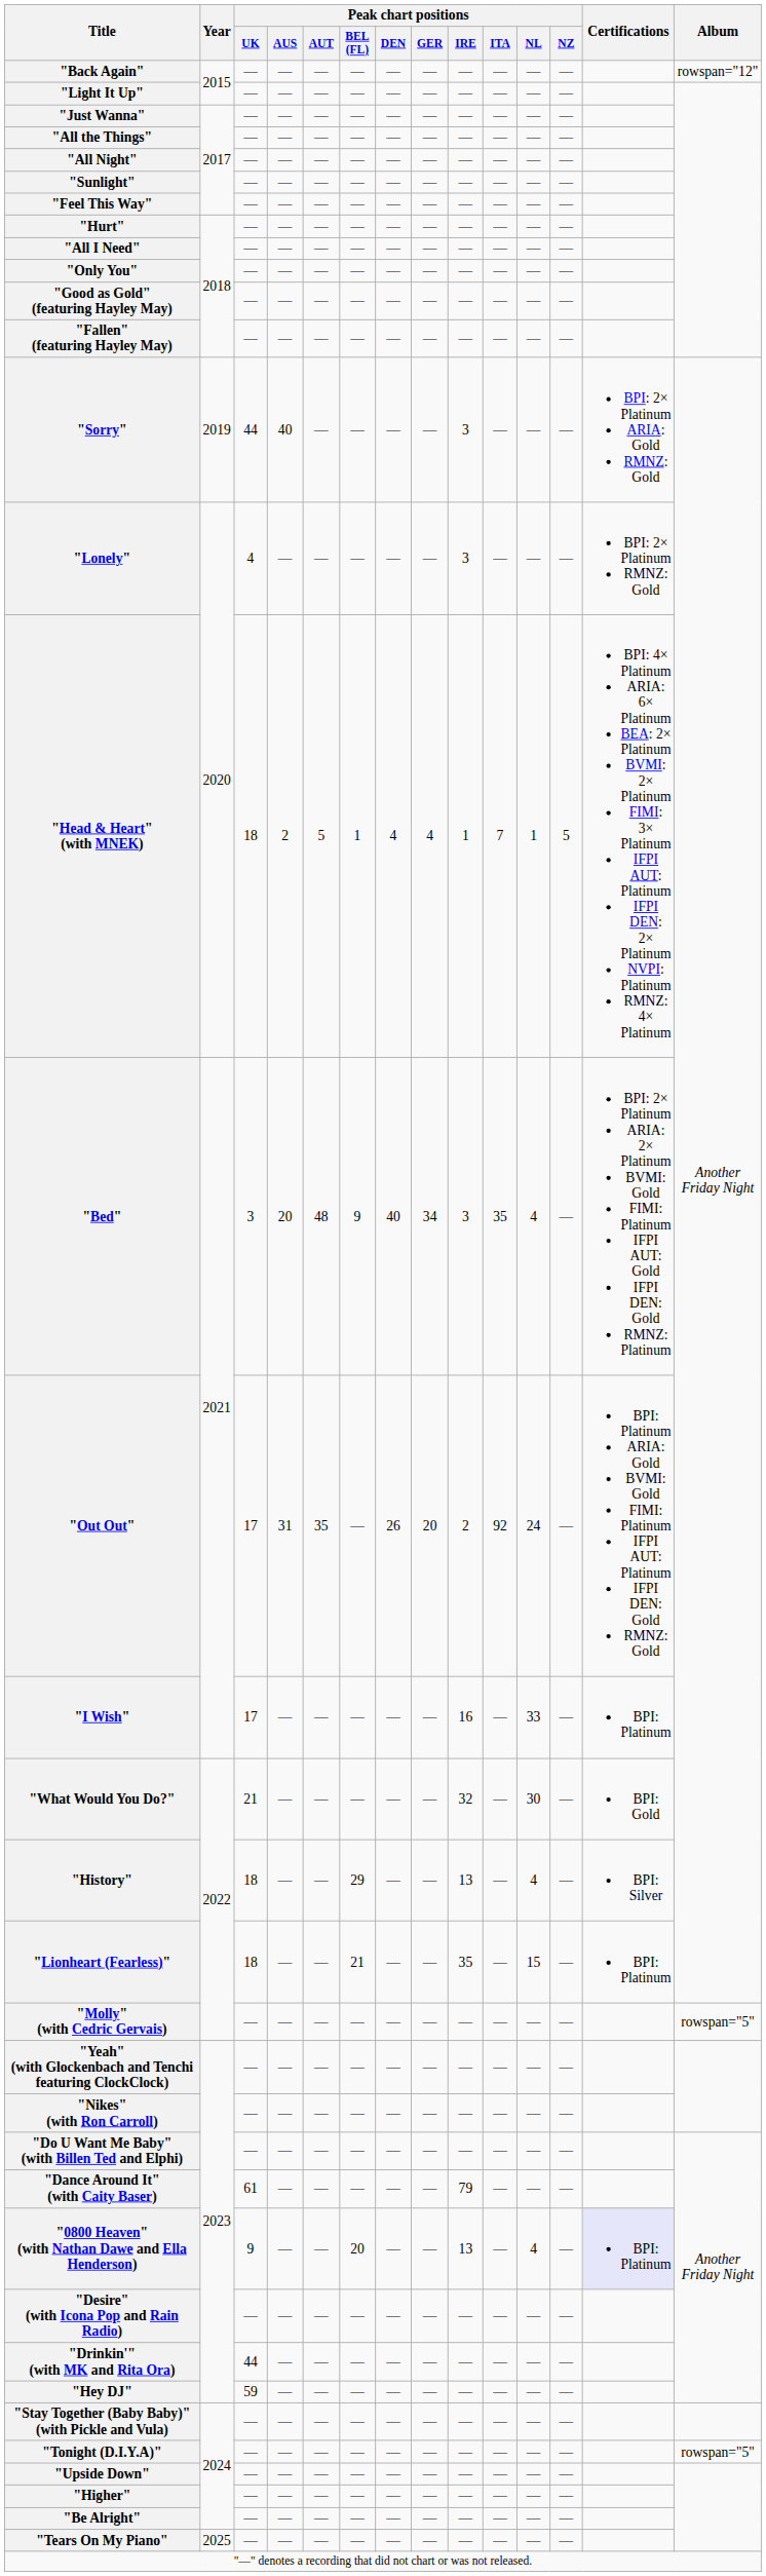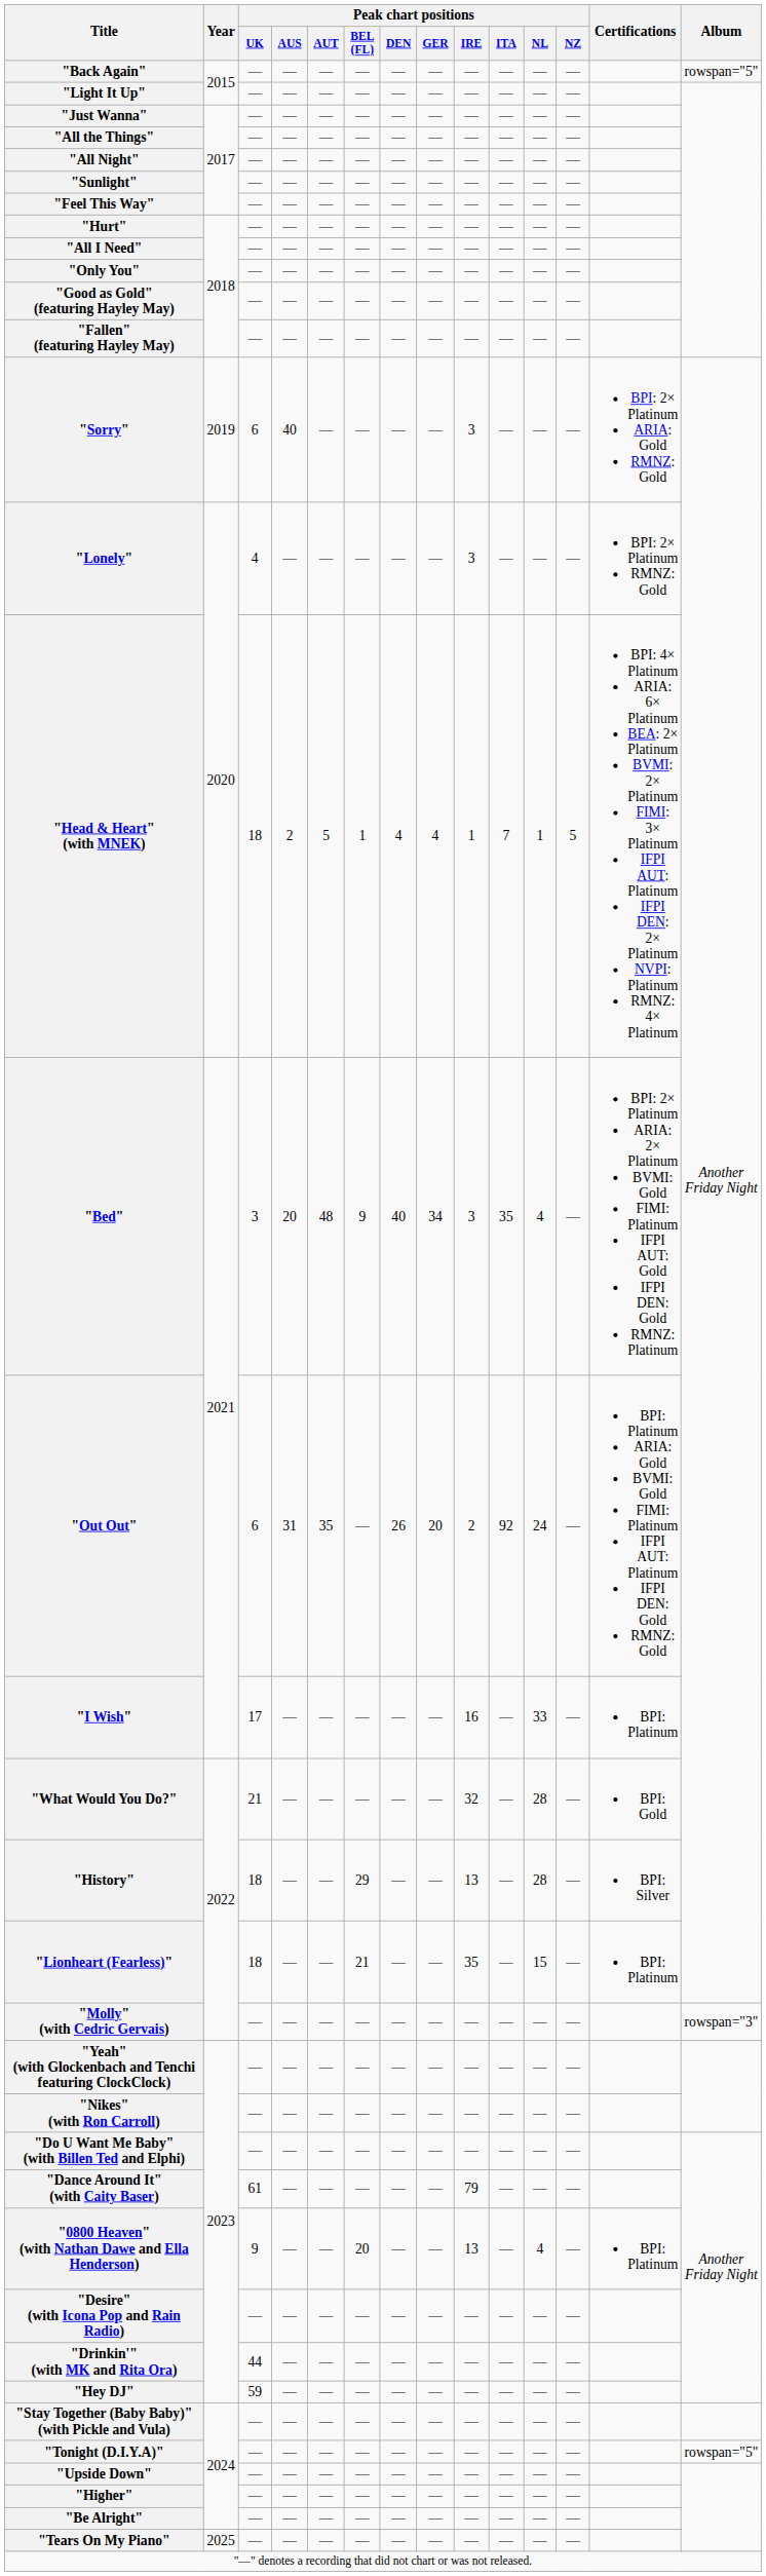 <table class="wikitable plainrowheaders" style="text-align:center;">
 <tr>
 <th scope="col" rowspan="2" style="width:20em;">Title</th>
 <th scope="col" rowspan="2" style="width:1em;">Year</th>
 <th scope="col" colspan="10">Peak chart positions</th>
 <th scope="col" rowspan="2">Certifications</th>
 <th scope="col" rowspan="2">Album</th>
 </tr>
 <tr>
 <th scope="col" style="width:3em;font-size:85%;"><a href='#'>UK</a><br></th>
 <th scope="col" style="width:3em;font-size:85%;"><a href='#'>AUS</a><br></th>
 <th scope="col" style="width:3em;font-size:85%;"><a href='#'>AUT</a><br></th>
 <th scope="col" style="width:3em;font-size:85%;"><a href='#'>BEL (FL)</a><br></th>
 <th scope="col" style="width:3em;font-size:85%;"><a href='#'>DEN</a><br></th>
 <th scope="col" style="width:3em;font-size:85%;"><a href='#'>GER</a><br></th>
 <th scope="col" style="width:3em;font-size:85%;"><a href='#'>IRE</a><br></th>
 <th scope="col" style="width:3em;font-size:85%;"><a href='#'>ITA</a><br></th>
 <th scope="col" style="width:3em;font-size:85%;"><a href='#'>NL</a><br></th>
 <th scope="col" style="width:3em;font-size:85%;"><a href='#'>NZ</a><br></th>
 </tr>
 <tr>
 <th scope="row">"Back Again"</th>
 <td rowspan="2">2015</td>
 <td>—</td>
 <td>—</td>
 <td>—</td>
 <td>—</td>
 <td>—</td>
 <td>—</td>
 <td>—</td>
 <td>—</td>
 <td>—</td>
 <td>—</td>
 <td></td>
-<td>rowspan="12" </td>
+<td>rowspan="5" </td>
 </tr>
 <tr>
 <th scope="row">"Light It Up"</th>
 <td>—</td>
 <td>—</td>
 <td>—</td>
 <td>—</td>
 <td>—</td>
 <td>—</td>
 <td>—</td>
 <td>—</td>
 <td>—</td>
 <td>—</td>
 <td></td>
 </tr>
 <tr>
 <th scope="row">"Just Wanna"</th>
 <td rowspan="5">2017</td>
 <td>—</td>
 <td>—</td>
 <td>—</td>
 <td>—</td>
 <td>—</td>
 <td>—</td>
 <td>—</td>
 <td>—</td>
 <td>—</td>
 <td>—</td>
 <td></td>
 </tr>
 <tr>
 <th scope="row">"All the Things"</th>
 <td>—</td>
 <td>—</td>
 <td>—</td>
 <td>—</td>
 <td>—</td>
 <td>—</td>
 <td>—</td>
 <td>—</td>
 <td>—</td>
 <td>—</td>
 <td></td>
 </tr>
 <tr>
 <th scope="row">"All Night"</th>
 <td>—</td>
 <td>—</td>
 <td>—</td>
 <td>—</td>
 <td>—</td>
 <td>—</td>
 <td>—</td>
 <td>—</td>
 <td>—</td>
 <td>—</td>
 <td></td>
 </tr>
 <tr>
 <th scope="row">"Sunlight"</th>
 <td>—</td>
 <td>—</td>
 <td>—</td>
 <td>—</td>
 <td>—</td>
 <td>—</td>
 <td>—</td>
 <td>—</td>
 <td>—</td>
 <td>—</td>
 <td></td>
 </tr>
 <tr>
 <th scope="row">"Feel This Way"</th>
 <td>—</td>
 <td>—</td>
 <td>—</td>
 <td>—</td>
 <td>—</td>
 <td>—</td>
 <td>—</td>
 <td>—</td>
 <td>—</td>
 <td>—</td>
 <td></td>
 </tr>
 <tr>
 <th scope="row">"Hurt"</th>
 <td rowspan="5">2018</td>
 <td>—</td>
 <td>—</td>
 <td>—</td>
 <td>—</td>
 <td>—</td>
 <td>—</td>
 <td>—</td>
 <td>—</td>
 <td>—</td>
 <td>—</td>
 <td></td>
 </tr>
 <tr>
 <th scope="row">"All I Need"</th>
 <td>—</td>
 <td>—</td>
 <td>—</td>
 <td>—</td>
 <td>—</td>
 <td>—</td>
 <td>—</td>
 <td>—</td>
 <td>—</td>
 <td>—</td>
 <td></td>
 </tr>
 <tr>
 <th scope="row">"Only You"</th>
 <td>—</td>
 <td>—</td>
 <td>—</td>
 <td>—</td>
 <td>—</td>
 <td>—</td>
 <td>—</td>
 <td>—</td>
 <td>—</td>
 <td>—</td>
 <td></td>
 </tr>
 <tr>
 <th scope="row">"Good as Gold"<br><span>(featuring Hayley May)</span></th>
 <td>—</td>
 <td>—</td>
 <td>—</td>
 <td>—</td>
 <td>—</td>
 <td>—</td>
 <td>—</td>
 <td>—</td>
 <td>—</td>
 <td>—</td>
 <td></td>
 </tr>
 <tr>
 <th scope="row">"Fallen"<br><span>(featuring Hayley May)</span></th>
 <td>—</td>
 <td>—</td>
 <td>—</td>
 <td>—</td>
 <td>—</td>
 <td>—</td>
 <td>—</td>
 <td>—</td>
 <td>—</td>
 <td>—</td>
 <td></td>
 </tr>
 <tr>
 <th scope="row">"<a href='#'>Sorry</a>"</th>
 <td>2019</td>
-<td>44</td>
+<td>6</td>
 <td>40</td>
 <td>—</td>
 <td>—</td>
 <td>—</td>
 <td>—</td>
 <td>3</td>
 <td>—</td>
 <td>—</td>
 <td>—</td>
 <td><br><ul><li><a href='#'>BPI</a>: 2× Platinum</li><li><a href='#'>ARIA</a>: Gold</li><li><a href='#'>RMNZ</a>: Gold</li></ul></td>
 <td rowspan="9"><em>Another Friday Night</em></td>
 </tr>
 <tr>
 <th scope="row">"<a href='#'>Lonely</a>"</th>
 <td rowspan="2">2020</td>
 <td>4</td>
 <td>—</td>
 <td>—</td>
 <td>—</td>
 <td>—</td>
 <td>—</td>
 <td>3</td>
 <td>—</td>
 <td>—</td>
 <td>—</td>
 <td><br><ul><li>BPI: 2× Platinum</li><li>RMNZ: Gold</li></ul></td>
 </tr>
 <tr>
 <th scope="row">"<a href='#'>Head & Heart</a>"<br><span>(with <a href='#'>MNEK</a>)</span></th>
 <td>18</td>
 <td>2</td>
 <td>5</td>
 <td>1</td>
 <td>4</td>
 <td>4</td>
 <td>1</td>
 <td>7</td>
 <td>1</td>
 <td>5</td>
 <td><br><ul><li>BPI: 4× Platinum</li><li>ARIA: 6× Platinum</li><li><a href='#'>BEA</a>: 2× Platinum</li><li><a href='#'>BVMI</a>: 2× Platinum</li><li><a href='#'>FIMI</a>: 3× Platinum</li><li><a href='#'>IFPI AUT</a>: Platinum</li><li><a href='#'>IFPI DEN</a>: 2× Platinum</li><li><a href='#'>NVPI</a>: Platinum</li><li>RMNZ: 4× Platinum</li></ul></td>
 </tr>
 <tr>
 <th scope="row">"<a href='#'>Bed</a>"<br></th>
 <td rowspan="3">2021</td>
 <td>3</td>
 <td>20</td>
 <td>48</td>
 <td>9</td>
 <td>40</td>
 <td>34</td>
 <td>3</td>
 <td>35</td>
 <td>4</td>
 <td>—</td>
 <td><br><ul><li>BPI: 2× Platinum</li><li>ARIA: 2× Platinum</li><li>BVMI: Gold</li><li>FIMI: Platinum</li><li>IFPI AUT: Gold</li><li>IFPI DEN: Gold</li><li>RMNZ: Platinum</li></ul></td>
 </tr>
 <tr>
 <th scope="row">"<a href='#'>Out Out</a>"<br></th>
-<td>17</td>
+<td>6</td>
 <td>31</td>
 <td>35</td>
 <td>—</td>
 <td>26</td>
 <td>20</td>
 <td>2</td>
 <td>92</td>
 <td>24</td>
 <td>—</td>
 <td><br><ul><li>BPI: Platinum</li><li>ARIA: Gold</li><li>BVMI: Gold</li><li>FIMI: Platinum</li><li>IFPI AUT: Platinum</li><li>IFPI DEN: Gold</li><li>RMNZ: Gold</li></ul></td>
 </tr>
 <tr>
 <th scope="row">"<a href='#'>I Wish</a>"<br></th>
 <td>17</td>
 <td>—</td>
 <td>—</td>
 <td>—</td>
 <td>—</td>
 <td>—</td>
 <td>16</td>
 <td>—</td>
 <td>33</td>
 <td>—</td>
 <td><br><ul><li>BPI: Platinum</li></ul></td>
 </tr>
 <tr>
 <th scope="row">"What Would You Do?"<br></th>
 <td rowspan="4">2022</td>
 <td>21</td>
 <td>—</td>
 <td>—</td>
 <td>—</td>
 <td>—</td>
 <td>—</td>
 <td>32</td>
 <td>—</td>
-<td>30</td>
+<td>28</td>
 <td>—</td>
 <td><br><ul><li>BPI: Gold</li></ul></td>
 </tr>
 <tr>
 <th scope="row">"History"<br></th>
 <td>18</td>
 <td>—</td>
 <td>—</td>
 <td>29</td>
 <td>—</td>
 <td>—</td>
 <td>13</td>
 <td>—</td>
-<td>4</td>
+<td>28</td>
 <td>—</td>
 <td><br><ul><li>BPI: Silver</li></ul></td>
 </tr>
 <tr>
 <th scope="row">"<a href='#'>Lionheart (Fearless)</a>"<br></th>
 <td>18</td>
 <td>—</td>
 <td>—</td>
 <td>21</td>
 <td>—</td>
 <td>—</td>
 <td>35</td>
 <td>—</td>
 <td>15</td>
 <td>—</td>
 <td><br><ul><li>BPI: Platinum</li></ul></td>
 </tr>
 <tr>
 <th scope="row">"<a href='#'>Molly</a>" <br><span>(with <a href='#'>Cedric Gervais</a>)</span></th>
 <td>—</td>
 <td>—</td>
 <td>—</td>
 <td>—</td>
 <td>—</td>
 <td>—</td>
 <td>—</td>
 <td>—</td>
 <td>—</td>
 <td>—</td>
 <td></td>
-<td>rowspan="5" </td>
+<td>rowspan="3" </td>
 </tr>
 <tr>
 <th scope="row">"Yeah"<br><span>(with Glockenbach and Tenchi featuring ClockClock)</span></th>
 <td rowspan="8">2023</td>
 <td>—</td>
 <td>—</td>
 <td>—</td>
 <td>—</td>
 <td>—</td>
 <td>—</td>
 <td>—</td>
 <td>—</td>
 <td>—</td>
 <td>—</td>
 <td></td>
 </tr>
 <tr>
 <th scope="row">"Nikes"<br><span>(with <a href='#'>Ron Carroll</a>)</span></th>
 <td>—</td>
 <td>—</td>
 <td>—</td>
 <td>—</td>
 <td>—</td>
 <td>—</td>
 <td>—</td>
 <td>—</td>
 <td>—</td>
 <td>—</td>
 <td></td>
 </tr>
 <tr>
 <th scope="row">"Do U Want Me Baby"<br><span>(with <a href='#'>Billen Ted</a> and Elphi)</span></th>
 <td>—</td>
 <td>—</td>
 <td>—</td>
 <td>—</td>
 <td>—</td>
 <td>—</td>
 <td>—</td>
 <td>—</td>
 <td>—</td>
 <td>—</td>
 <td></td>
 <td rowspan="6"><em>Another Friday Night</em></td>
 </tr>
 <tr>
 <th scope="row">"Dance Around It"<br><span>(with <a href='#'>Caity Baser</a>)</span></th>
 <td>61</td>
 <td>—</td>
 <td>—</td>
 <td>—</td>
 <td>—</td>
 <td>—</td>
 <td>79</td>
 <td>—</td>
 <td>—</td>
 <td>—</td>
 <td></td>
 </tr>
 <tr>
 <th scope="row">"<a href='#'>0800 Heaven</a>"<br><span>(with <a href='#'>Nathan Dawe</a> and <a href='#'>Ella Henderson</a>)</span></th>
 <td>9</td>
 <td>—</td>
 <td>—</td>
 <td>20</td>
 <td>—</td>
 <td>—</td>
 <td>13</td>
 <td>—</td>
 <td>4</td>
 <td>—</td>
-<td style="background: lavender;"><br><ul><li>BPI: Platinum</li></ul></td>
+<td><br><ul><li>BPI: Platinum</li></ul></td>
 </tr>
 <tr>
 <th scope="row">"Desire"<br><span>(with <a href='#'>Icona Pop</a> and <a href='#'>Rain Radio</a>)</span></th>
 <td>—</td>
 <td>—</td>
 <td>—</td>
 <td>—</td>
 <td>—</td>
 <td>—</td>
 <td>—</td>
 <td>—</td>
 <td>—</td>
 <td>—</td>
 <td></td>
 </tr>
 <tr>
 <th scope="row">"Drinkin'"<br><span>(with <a href='#'>MK</a> and <a href='#'>Rita Ora</a>)</span></th>
 <td>44</td>
 <td>—</td>
 <td>—</td>
 <td>—</td>
 <td>—</td>
 <td>—</td>
 <td>—</td>
 <td>—</td>
 <td>—</td>
 <td>—</td>
 <td></td>
 </tr>
 <tr>
 <th scope="row">"Hey DJ"</th>
 <td>59</td>
 <td>—</td>
 <td>—</td>
 <td>—</td>
 <td>—</td>
 <td>—</td>
 <td>—</td>
 <td>—</td>
 <td>—</td>
 <td>—</td>
 <td></td>
 </tr>
 <tr>
 <th scope="row">"Stay Together (Baby Baby)"<br><span>(with Pickle and Vula)</span></th>
 <td rowspan="5">2024</td>
 <td>—</td>
 <td>—</td>
 <td>—</td>
 <td>—</td>
 <td>—</td>
 <td>—</td>
 <td>—</td>
 <td>—</td>
 <td>—</td>
 <td>—</td>
 <td></td>
 <td></td>
 </tr>
 <tr>
 <th scope="row">"Tonight (D.I.Y.A)"<br></th>
 <td>—</td>
 <td>—</td>
 <td>—</td>
 <td>—</td>
 <td>—</td>
 <td>—</td>
 <td>—</td>
 <td>—</td>
 <td>—</td>
 <td>—</td>
 <td></td>
 <td>rowspan="5" </td>
 </tr>
 <tr>
 <th scope="row">"Upside Down" <br></th>
 <td>—</td>
 <td>—</td>
 <td>—</td>
 <td>—</td>
 <td>—</td>
 <td>—</td>
 <td>—</td>
 <td>—</td>
 <td>—</td>
 <td>—</td>
 <td></td>
 </tr>
 <tr>
 <th scope="row">"Higher" <br></th>
 <td>—</td>
 <td>—</td>
 <td>—</td>
 <td>—</td>
 <td>—</td>
 <td>—</td>
 <td>—</td>
 <td>—</td>
 <td>—</td>
 <td>—</td>
 <td></td>
 </tr>
 <tr>
 <th scope="row">"Be Alright"</th>
 <td>—</td>
 <td>—</td>
 <td>—</td>
 <td>—</td>
 <td>—</td>
 <td>—</td>
 <td>—</td>
 <td>—</td>
 <td>—</td>
 <td>—</td>
 <td></td>
 </tr>
 <tr>
 <th scope="row">"Tears On My Piano"</th>
 <td>2025</td>
 <td>—</td>
 <td>—</td>
 <td>—</td>
 <td>—</td>
 <td>—</td>
 <td>—</td>
 <td>—</td>
 <td>—</td>
 <td>—</td>
 <td>—</td>
 <td></td>
 </tr>
 <tr>
 <td colspan="22" style="font-size:85%;">"—" denotes a recording that did not chart or was not released.</td>
 </tr>
 </table>
